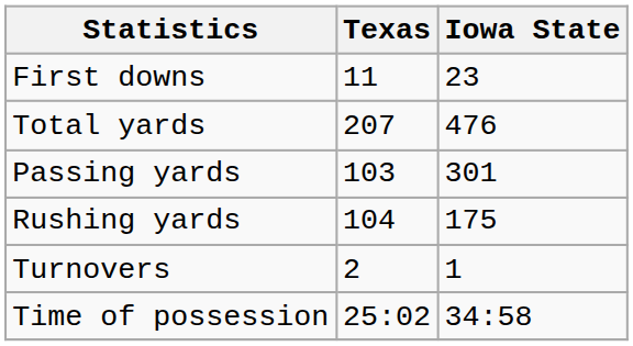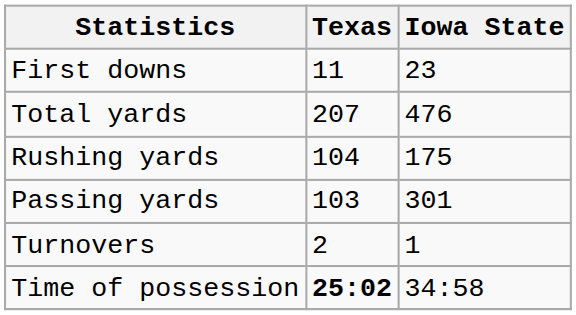 <table class="wikitable" style="float: left;">
 <tr>
 <th>Statistics</th>
 <th>Texas</th>
 <th>Iowa State</th>
 </tr>
 <tr>
 <td>First downs</td>
 <td>11</td>
 <td>23</td>
 </tr>
 <tr>
 <td>Total yards</td>
 <td>207</td>
 <td>476</td>
 </tr>
 <tr>
+<td>Rushing yards</td>
+<td>104</td>
+<td>175</td>
+</tr>
+<tr>
 <td>Passing yards</td>
 <td>103</td>
 <td>301</td>
-</tr>
-<tr>
-<td>Rushing yards</td>
-<td>104</td>
-<td>175</td>
 </tr>
 <tr>
 <td>Turnovers</td>
 <td>2</td>
 <td>1</td>
 </tr>
 <tr>
 <td>Time of possession</td>
-<td>25:02</td>
+<td><strong>25:02</strong></td>
 <td>34:58</td>
 </tr>
 <tr>
 </tr>
 </table>
